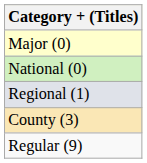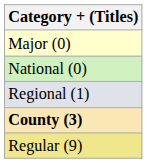 <table class="wikitable" style="display:inline-table;">
 <tr style="background:#ffc;">
 <th>Category + (Titles)</th>
 </tr>
 <tr style="background:#ffc;">
 <td>Major (0)</td>
 </tr>
 <tr style="background:#d0f0c0">
 <td>National (0)</td>
 </tr>
 <tr style="background:#dfe2e9">
 <td>Regional (1)</td>
 </tr>
 <tr style="background:#fae7b5">
-<td>County (3)</td>
+<td><strong>County (3)</strong></td>
 </tr>
 <tr>
-<td>Regular (9)</td>
+<td style="background: khaki;">Regular (9)</td>
 </tr>
 </table>
